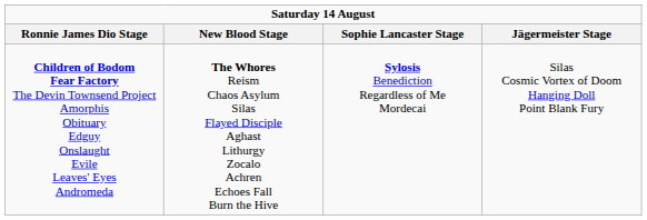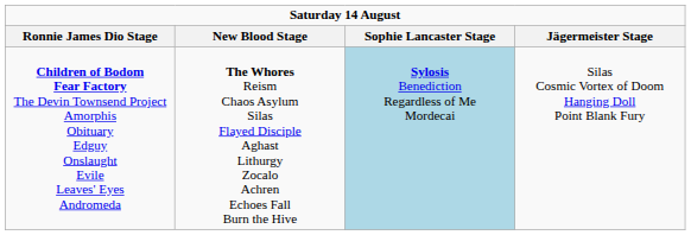 <table class="wikitable">
 <tr>
 <td colspan="4" align="center"><strong>Saturday 14 August</strong></td>
 </tr>
 <tr>
 <th>Ronnie James Dio Stage</th>
 <th>New Blood Stage</th>
 <th>Sophie Lancaster Stage</th>
 <th>Jägermeister Stage</th>
 </tr>
 <tr>
 <td valign="top" align="center" width=200><br><strong><a href='#'>Children of Bodom</a></strong><br> <strong><a href='#'>Fear Factory</a></strong><br> <a href='#'>The Devin Townsend Project</a><br> <a href='#'>Amorphis</a><br> <a href='#'>Obituary</a><br> <a href='#'>Edguy</a><br> <a href='#'>Onslaught</a><br> <a href='#'>Evile</a><br> <a href='#'>Leaves' Eyes</a><br> <a href='#'>Andromeda</a><br></td>
 <td valign="top" align="center" width=200><br><strong>The Whores</strong><br> Reism<br> Chaos Asylum<br> Silas<br> <a href='#'>Flayed Disciple</a><br> Aghast<br> Lithurgy<br> Zocalo<br> Achren<br> Echoes Fall<br> Burn the Hive<br></td>
-<td valign="top" align="center" width=200><br><strong><a href='#'>Sylosis</a></strong><br> <a href='#'>Benediction</a><br> Regardless of Me<br> Mordecai<br></td>
+<td valign="top" align="center" width=200 style="background: lightblue;"><br><strong><a href='#'>Sylosis</a></strong><br> <a href='#'>Benediction</a><br> Regardless of Me<br> Mordecai<br></td>
 <td valign="top" align="center" width=200><br>Silas<br> Cosmic Vortex of Doom<br> <a href='#'>Hanging Doll</a><br> Point Blank Fury</td>
 </tr>
 </table>
